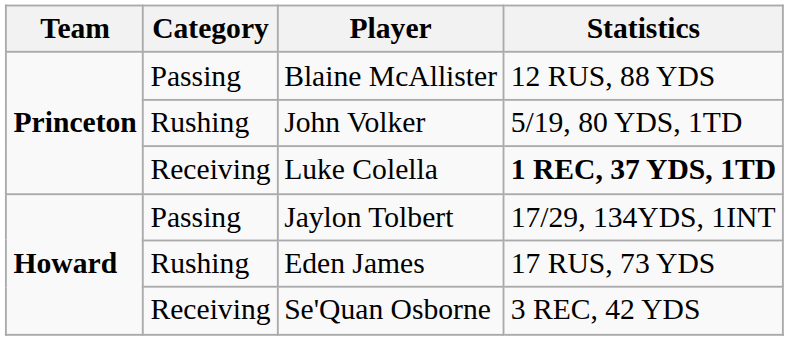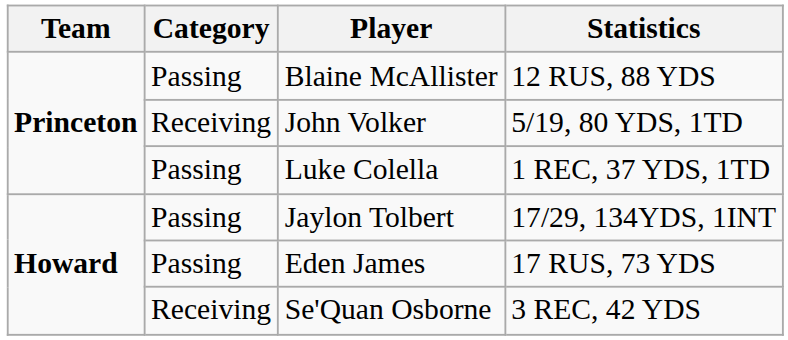 <table class="wikitable" style="float: right;">
 <tr>
 <th>Team</th>
 <th>Category</th>
 <th>Player</th>
 <th>Statistics</th>
 </tr>
 <tr>
 <td rowspan=3><strong>Princeton</strong></td>
 <td>Passing</td>
 <td>Blaine McAllister</td>
 <td>12 RUS, 88	YDS</td>
 </tr>
 <tr>
-<td>Rushing</td>
+<td>Receiving</td>
 <td>John Volker</td>
 <td>5/19,	80 YDS,	1TD</td>
 </tr>
 <tr>
-<td>Receiving</td>
+<td>Passing</td>
 <td>Luke Colella</td>
-<td><strong>1 REC,	37 YDS,	1TD</strong></td>
+<td>1 REC,	37 YDS,	1TD</td>
 </tr>
 <tr>
 <td rowspan=3><strong>Howard</strong></td>
 <td>Passing</td>
 <td>Jaylon Tolbert</td>
 <td>17/29,	134YDS, 1INT</td>
 </tr>
 <tr>
-<td>Rushing</td>
+<td>Passing</td>
 <td>Eden James</td>
 <td>17 RUS, 73 YDS</td>
 </tr>
 <tr>
 <td>Receiving</td>
 <td>Se'Quan Osborne</td>
 <td>3 REC,	42	YDS</td>
 </tr>
 </table>
